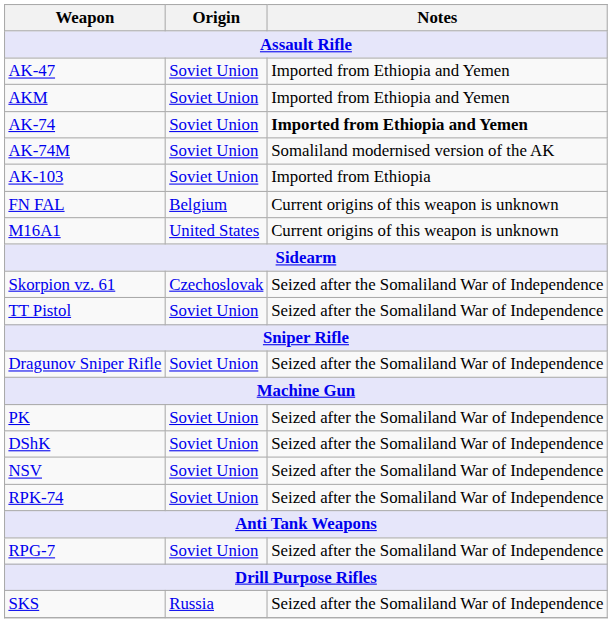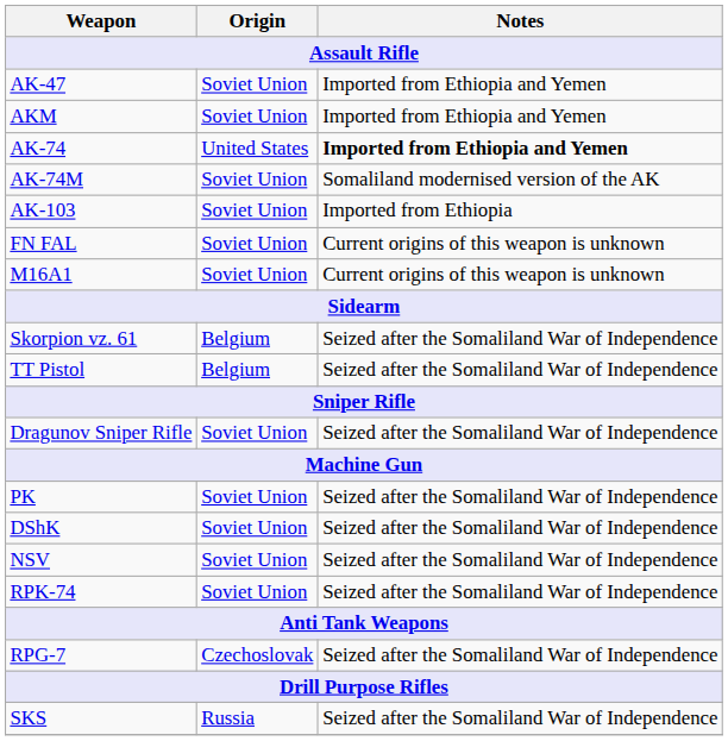 <table class="wikitable">
 <tr>
 <th>Weapon</th>
 <th>Origin</th>
 <th>Notes</th>
 </tr>
 <tr>
 <th style="align: center; background: lavender;" colspan="5"><a href='#'>Assault Rifle</a></th>
 </tr>
 <tr>
 <td><a href='#'>AK-47</a></td>
 <td><a href='#'>Soviet Union</a></td>
 <td>Imported from Ethiopia and Yemen</td>
 </tr>
 <tr>
 <td><a href='#'>AKM</a></td>
 <td><a href='#'>Soviet Union</a></td>
 <td>Imported from Ethiopia and Yemen</td>
 </tr>
 <tr>
 <td><a href='#'>AK-74</a></td>
-<td><a href='#'>Soviet Union</a></td>
+<td><a href='#'>United States</a></td>
 <td><strong>Imported from Ethiopia and Yemen</strong></td>
 </tr>
 <tr>
 <td><a href='#'>AK-74M</a></td>
 <td><a href='#'>Soviet Union</a></td>
 <td>Somaliland modernised version of the AK</td>
 </tr>
 <tr>
 <td><a href='#'>AK-103</a></td>
 <td><a href='#'>Soviet Union</a></td>
 <td>Imported from Ethiopia</td>
 </tr>
 <tr>
 <td><a href='#'>FN FAL</a></td>
-<td><a href='#'>Belgium</a></td>
+<td><a href='#'>Soviet Union</a></td>
 <td>Current origins of this weapon is unknown</td>
 </tr>
 <tr>
 <td><a href='#'>M16A1</a></td>
-<td><a href='#'>United States</a></td>
+<td><a href='#'>Soviet Union</a></td>
 <td>Current origins of this weapon is unknown</td>
 </tr>
 <tr>
 <th style="align: center; background: lavender;" colspan="5"><a href='#'>Sidearm</a></th>
 </tr>
 <tr>
 <td><a href='#'>Skorpion vz. 61</a></td>
-<td><a href='#'>Czechoslovak</a></td>
+<td><a href='#'>Belgium</a></td>
 <td>Seized after the Somaliland War of Independence</td>
 </tr>
 <tr>
 <td><a href='#'>TT Pistol</a></td>
-<td><a href='#'>Soviet Union</a></td>
+<td><a href='#'>Belgium</a></td>
 <td>Seized after the Somaliland War of Independence</td>
 </tr>
 <tr>
 <th style="align: center; background: lavender;" colspan="5"><a href='#'>Sniper Rifle</a></th>
 </tr>
 <tr>
 <td><a href='#'>Dragunov Sniper Rifle</a></td>
 <td><a href='#'>Soviet Union</a></td>
 <td>Seized after the Somaliland War of Independence</td>
 </tr>
 <tr>
 <th style="align: center; background: lavender;" colspan="5"><a href='#'>Machine Gun</a></th>
 </tr>
 <tr>
 <td><a href='#'>PK</a></td>
 <td><a href='#'>Soviet Union</a></td>
 <td>Seized after the Somaliland War of Independence</td>
 </tr>
 <tr>
 <td><a href='#'>DShK</a></td>
 <td><a href='#'>Soviet Union</a></td>
 <td>Seized after the Somaliland War of Independence</td>
 </tr>
 <tr>
 <td><a href='#'>NSV</a></td>
 <td><a href='#'>Soviet Union</a></td>
 <td>Seized after the Somaliland War of Independence</td>
 </tr>
 <tr>
 <td><a href='#'>RPK-74</a></td>
 <td><a href='#'>Soviet Union</a></td>
 <td>Seized after the Somaliland War of Independence</td>
 </tr>
 <tr>
 <th style="align: center; background: lavender;" colspan="5"><a href='#'>Anti Tank Weapons</a></th>
 </tr>
 <tr>
 <td><a href='#'>RPG-7</a></td>
-<td><a href='#'>Soviet Union</a></td>
+<td><a href='#'>Czechoslovak</a></td>
 <td>Seized after the Somaliland War of Independence</td>
 </tr>
 <tr>
 <th style="align: center; background: lavender;" colspan="5"><a href='#'>Drill Purpose Rifles</a></th>
 </tr>
 <tr>
 <td><a href='#'>SKS</a></td>
 <td><a href='#'>Russia</a></td>
 <td>Seized after the Somaliland War of Independence</td>
 </tr>
 <tr>
 </tr>
 </table>
